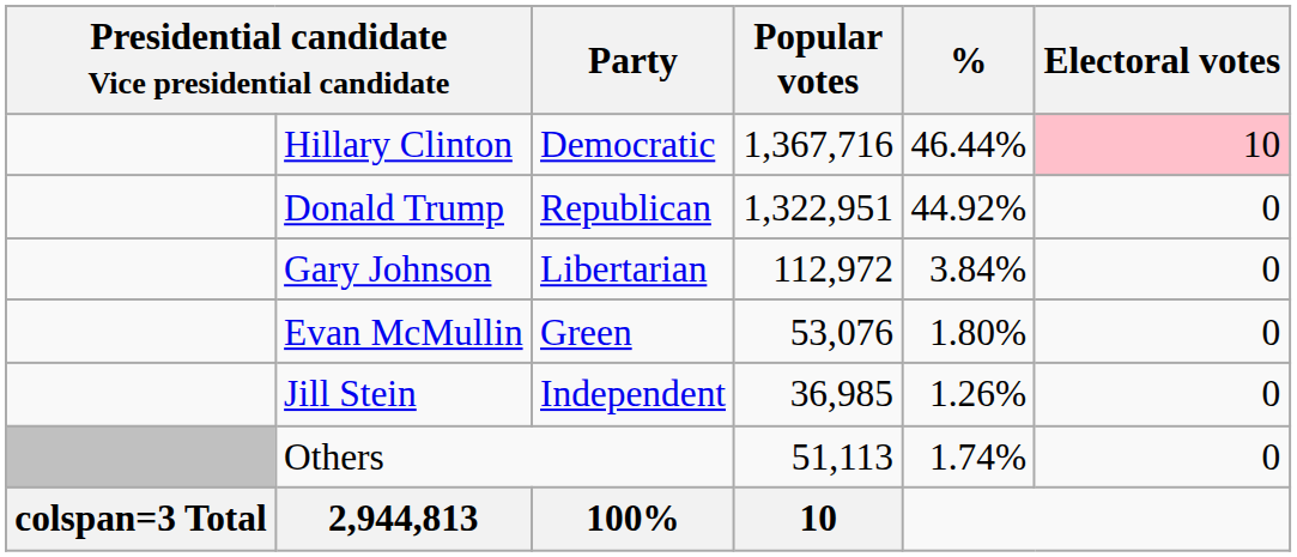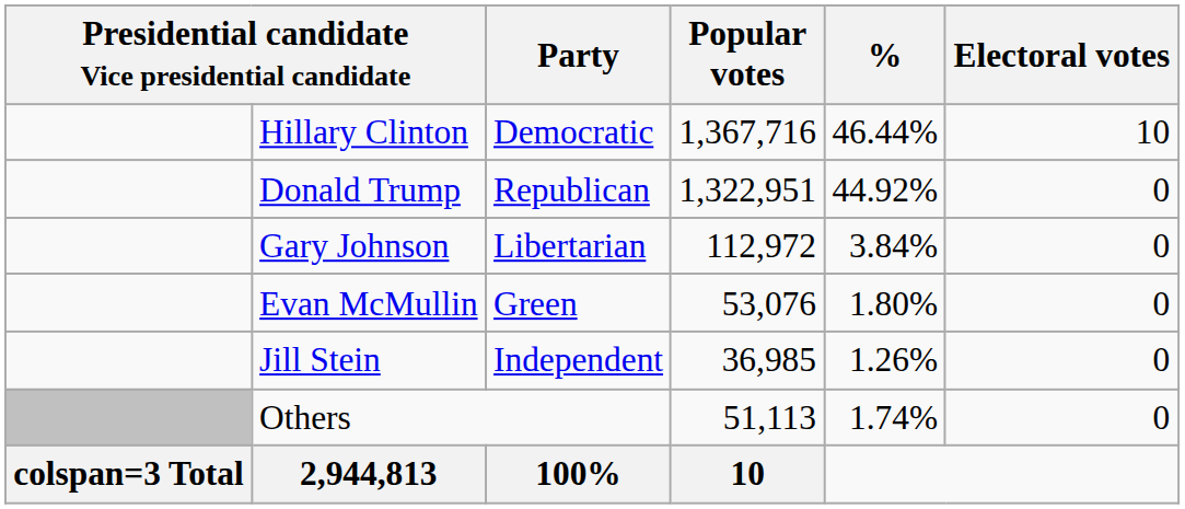 <table class="wikitable" style="text-align:right; line-height:1.2">
 <tr>
 <th colspan=2>Presidential candidate<br><small>Vice presidential candidate</small></th>
 <th>Party</th>
 <th>Popular<br>votes</th>
 <th>%</th>
 <th>Electoral votes</th>
 </tr>
 <tr>
 <td style=background:></td>
 <td align=left><a href='#'>Hillary Clinton</a><br></td>
 <td align=left><a href='#'>Democratic</a></td>
 <td>1,367,716</td>
 <td>46.44%</td>
-<td style="background: pink;">10</td>
+<td>10</td>
 </tr>
 <tr>
 <td style=background-color:></td>
 <td align=left><a href='#'>Donald Trump</a><br></td>
 <td align=left><a href='#'>Republican</a></td>
 <td>1,322,951</td>
 <td>44.92%</td>
 <td>0</td>
 </tr>
 <tr>
 <td style=background:></td>
 <td align=left><a href='#'>Gary Johnson</a><br></td>
 <td align=left><a href='#'>Libertarian</a></td>
 <td>112,972</td>
 <td>3.84%</td>
 <td>0</td>
 </tr>
 <tr>
 <td style=background:></td>
 <td align=left><a href='#'>Evan McMullin</a><br></td>
 <td align=left><a href='#'>Green</a></td>
 <td>53,076</td>
 <td>1.80%</td>
 <td>0</td>
 </tr>
 <tr>
 <td style=background:></td>
 <td align=left><a href='#'>Jill Stein</a><br></td>
 <td align=left><a href='#'>Independent</a></td>
 <td>36,985</td>
 <td>1.26%</td>
 <td>0</td>
 </tr>
 <tr>
 <td bgcolor=#C0C0C0></td>
 <td colspan=2 align=left>Others</td>
 <td>51,113</td>
 <td>1.74%</td>
 <td>0</td>
 </tr>
 <tr>
 <th>colspan=3  Total</th>
 <th> 2,944,813</th>
 <th> 100%</th>
 <th> 10</th>
 </tr>
 </table>
